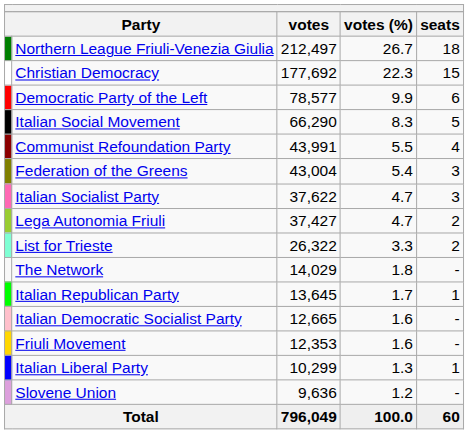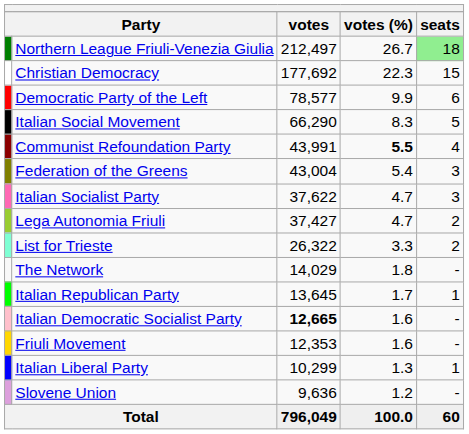 <table class="wikitable" style="font-size:95%">
 <tr>
 <th colspan=5></th>
 </tr>
 <tr>
 </tr>
 <tr style="background:#efefef;">
 <th colspan=2>Party</th>
 <th>votes</th>
 <th>votes (%)</th>
 <th>seats</th>
 </tr>
 <tr>
 <td bgcolor=Green></td>
 <td><a href='#'>Northern League Friuli-Venezia Giulia</a></td>
 <td align=right>212,497</td>
 <td align=right>26.7</td>
-<td align=right>18</td>
+<td align=right style="background: lightgreen;">18</td>
 </tr>
 <tr>
 <td bgcolor=White></td>
 <td><a href='#'>Christian Democracy</a></td>
 <td align=right>177,692</td>
 <td align=right>22.3</td>
 <td align=right>15</td>
 </tr>
 <tr>
 <td bgcolor=Red></td>
 <td><a href='#'>Democratic Party of the Left</a></td>
 <td align=right>78,577</td>
 <td align=right>9.9</td>
 <td align=right>6</td>
 </tr>
 <tr>
 <td bgcolor=Black></td>
 <td><a href='#'>Italian Social Movement</a></td>
 <td align=right>66,290</td>
 <td align=right>8.3</td>
 <td align=right>5</td>
 </tr>
 <tr>
 <td bgcolor=Darkred></td>
 <td><a href='#'>Communist Refoundation Party</a></td>
 <td align=right>43,991</td>
-<td align=right>5.5</td>
+<td align=right><strong>5.5</strong></td>
 <td align=right>4</td>
 </tr>
 <tr>
 <td bgcolor=Olive></td>
 <td><a href='#'>Federation of the Greens</a></td>
 <td align=right>43,004</td>
 <td align=right>5.4</td>
 <td align=right>3</td>
 </tr>
 <tr>
 <td bgcolor=Hotpink></td>
 <td><a href='#'>Italian Socialist Party</a></td>
 <td align=right>37,622</td>
 <td align=right>4.7</td>
 <td align=right>3</td>
 </tr>
 <tr>
 <td bgcolor=Yellowgreen></td>
 <td><a href='#'>Lega Autonomia Friuli</a></td>
 <td align=right>37,427</td>
 <td align=right>4.7</td>
 <td align=right>2</td>
 </tr>
 <tr>
 <td bgcolor=Aquamarine></td>
 <td><a href='#'>List for Trieste</a></td>
 <td align=right>26,322</td>
 <td align=right>3.3</td>
 <td align=right>2</td>
 </tr>
 <tr>
 <td bgcolor=></td>
 <td><a href='#'>The Network</a></td>
 <td align=right>14,029</td>
 <td align=right>1.8</td>
 <td align=right>-</td>
 </tr>
 <tr>
 <td bgcolor=Lime></td>
 <td><a href='#'>Italian Republican Party</a></td>
 <td align=right>13,645</td>
 <td align=right>1.7</td>
 <td align=right>1</td>
 </tr>
 <tr>
 <td bgcolor=Pink></td>
 <td><a href='#'>Italian Democratic Socialist Party</a></td>
-<td align=right>12,665</td>
+<td align=right><strong>12,665</strong></td>
 <td align=right>1.6</td>
 <td align=right>-</td>
 </tr>
 <tr>
 <td bgcolor=gold></td>
 <td><a href='#'>Friuli Movement</a></td>
 <td align=right>12,353</td>
 <td align=right>1.6</td>
 <td align=right>-</td>
 </tr>
 <tr>
 <td bgcolor=Blue></td>
 <td><a href='#'>Italian Liberal Party</a></td>
 <td align=right>10,299</td>
 <td align=right>1.3</td>
 <td align=right>1</td>
 </tr>
 <tr>
 <td bgcolor=plum></td>
 <td><a href='#'>Slovene Union</a></td>
 <td align=right>9,636</td>
 <td align=right>1.2</td>
 <td align=right>-</td>
 </tr>
 <tr style="background:#efefef;">
 <th colspan=2><strong>Total</strong></th>
 <td align=right><strong>796,049</strong></td>
 <td align=right><strong>100.0</strong></td>
 <td align=right><strong>60</strong></td>
 </tr>
 </table>
